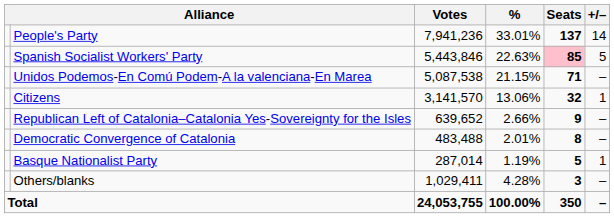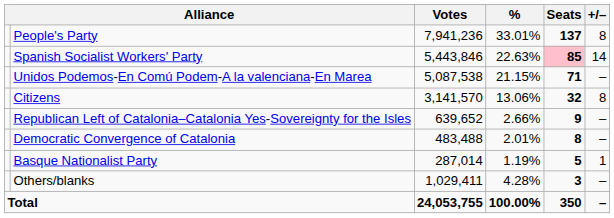 <table class="wikitable" style="font-size:100%; text-align:right;">
 <tr>
 <th colspan=2>Alliance</th>
 <th>Votes</th>
 <th>%</th>
 <th>Seats</th>
 <th>+/–</th>
 </tr>
 <tr>
 <td style="background:"></td>
 <td align=left><a href='#'>People's Party</a></td>
 <td>7,941,236</td>
 <td>33.01%</td>
 <td><strong>137</strong></td>
-<td>14</td>
+<td>8</td>
 </tr>
 <tr>
 <td style="background:"></td>
 <td align=left><a href='#'>Spanish Socialist Workers' Party</a></td>
 <td>5,443,846</td>
 <td>22.63%</td>
 <td style="background: pink;"><strong>85</strong></td>
-<td>5</td>
+<td>14</td>
 </tr>
 <tr>
 <td style="background:"></td>
 <td align=left><a href='#'>Unidos Podemos</a>-<a href='#'>En Comú Podem</a>-<a href='#'>A la valenciana</a>-<a href='#'>En Marea</a></td>
 <td>5,087,538</td>
 <td>21.15%</td>
 <td><strong>71</strong></td>
 <td>–</td>
 </tr>
 <tr>
 <td style="background:"></td>
 <td align=left><a href='#'>Citizens</a></td>
 <td>3,141,570</td>
 <td>13.06%</td>
 <td><strong>32</strong></td>
-<td>1</td>
+<td>8</td>
 </tr>
 <tr>
 <td style="background:"></td>
 <td align=left><a href='#'>Republican Left of Catalonia–Catalonia Yes</a>-<a href='#'>Sovereignty for the Isles</a></td>
 <td>639,652</td>
 <td>2.66%</td>
 <td><strong>9</strong></td>
 <td>–</td>
 </tr>
 <tr>
 <td style="background:"></td>
 <td align=left><a href='#'>Democratic Convergence of Catalonia</a></td>
 <td>483,488</td>
 <td>2.01%</td>
 <td><strong>8</strong></td>
 <td>–</td>
 </tr>
 <tr>
 <td style="background:"></td>
 <td align=left><a href='#'>Basque Nationalist Party</a></td>
 <td>287,014</td>
 <td>1.19%</td>
 <td><strong>5</strong></td>
 <td>1</td>
 </tr>
 <tr>
 <td></td>
 <td align=left>Others/blanks</td>
 <td>1,029,411</td>
 <td>4.28%</td>
 <td><strong>3</strong></td>
 <td>–</td>
 </tr>
 <tr style="font-weight:bold">
 <td colspan=2 align=left>Total</td>
 <td>24,053,755</td>
 <td>100.00%</td>
 <td>350</td>
 <td>–</td>
 </tr>
 </table>
